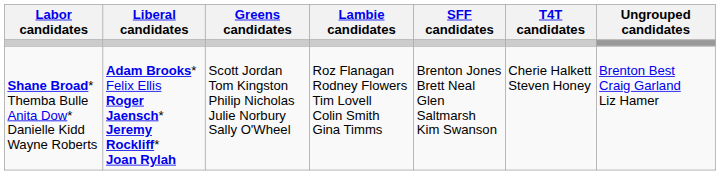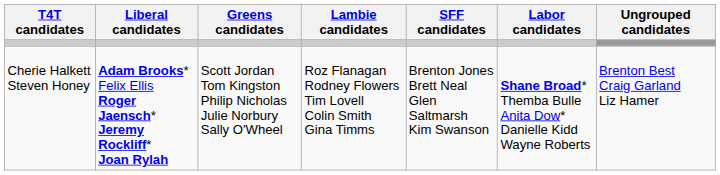 <table class="wikitable">
 <tr>
-<th><a href='#'>Labor</a> candidates</th>
+<th><a href='#'>T4T</a> candidates</th>
 <th><a href='#'>Liberal</a> candidates</th>
 <th><a href='#'>Greens</a> candidates</th>
 <th><a href='#'>Lambie</a> candidates</th>
 <th><a href='#'>SFF</a> candidates</th>
-<th><a href='#'>T4T</a> candidates</th>
+<th><a href='#'>Labor</a> candidates</th>
 <th>Ungrouped candidates</th>
 </tr>
 <tr bgcolor="#cccccc">
 <td></td>
 <td></td>
 <td></td>
 <td></td>
 <td></td>
 <td></td>
 <td bgcolor="#999999"></td>
 </tr>
 <tr>
-<td><br><strong><a href='#'>Shane Broad</a></strong>*<br> Themba Bulle<br> <a href='#'>Anita Dow</a>*<br> Danielle Kidd<br> Wayne Roberts</td>
+<td valign=top><br>Cherie Halkett<br> Steven Honey</td>
 <td><br><strong><a href='#'>Adam Brooks</a></strong>*<br> <a href='#'>Felix Ellis</a><br> <strong><a href='#'>Roger Jaensch</a></strong>*<br> <strong><a href='#'>Jeremy Rockliff</a></strong>*<br> <strong><a href='#'>Joan Rylah</a></strong></td>
 <td valign=top><br>Scott Jordan<br> Tom Kingston<br> Philip Nicholas<br> Julie Norbury<br> Sally O'Wheel</td>
 <td valign=top><br>Roz Flanagan<br> Rodney Flowers<br> Tim Lovell<br> Colin Smith<br> Gina Timms</td>
 <td valign=top><br>Brenton Jones<br> Brett Neal<br> Glen Saltmarsh<br> Kim Swanson<br></td>
-<td valign=top><br>Cherie Halkett<br> Steven Honey</td>
+<td><br><strong><a href='#'>Shane Broad</a></strong>*<br> Themba Bulle<br> <a href='#'>Anita Dow</a>*<br> Danielle Kidd<br> Wayne Roberts</td>
 <td valign=top><br><a href='#'>Brenton Best</a><br> <a href='#'>Craig Garland</a><br> Liz Hamer</td>
 </tr>
 </table>
